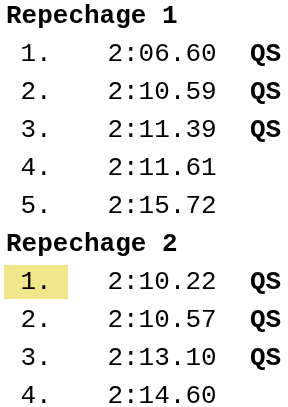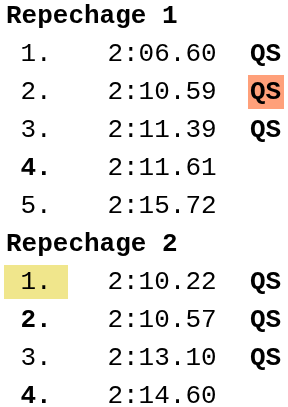 <table style="text-align:center">
 <tr>
 <td colspan=4 align=left><strong>Repechage 1</strong></td>
 </tr>
 <tr>
 <td width=30>1.</td>
 <td align=left></td>
 <td width=80>2:06.60</td>
 <td><strong>QS</strong></td>
 </tr>
 <tr>
 <td>2.</td>
 <td align=left></td>
 <td>2:10.59</td>
-<td><strong>QS</strong></td>
+<td style="background: lightsalmon;"><strong>QS</strong></td>
 </tr>
 <tr>
 <td>3.</td>
 <td align=left></td>
 <td>2:11.39</td>
 <td><strong>QS</strong></td>
 </tr>
 <tr>
-<td>4.</td>
+<td><strong>4.</strong></td>
 <td align=left></td>
 <td>2:11.61</td>
 <td></td>
 </tr>
 <tr>
 <td>5.</td>
 <td align=left></td>
 <td>2:15.72</td>
 <td></td>
 </tr>
 <tr>
 <td colspan=4 align=left><strong>Repechage 2</strong></td>
 </tr>
 <tr>
 <td style="background: khaki;">1.</td>
 <td align=left></td>
 <td>2:10.22</td>
 <td><strong>QS</strong></td>
 </tr>
 <tr>
-<td>2.</td>
+<td><strong>2.</strong></td>
 <td align=left></td>
 <td>2:10.57</td>
 <td><strong>QS</strong></td>
 </tr>
 <tr>
 <td>3.</td>
 <td align=left></td>
 <td>2:13.10</td>
 <td><strong>QS</strong></td>
 </tr>
 <tr>
-<td>4.</td>
+<td><strong>4.</strong></td>
 <td align=left></td>
 <td>2:14.60</td>
 <td></td>
 </tr>
 </table>
